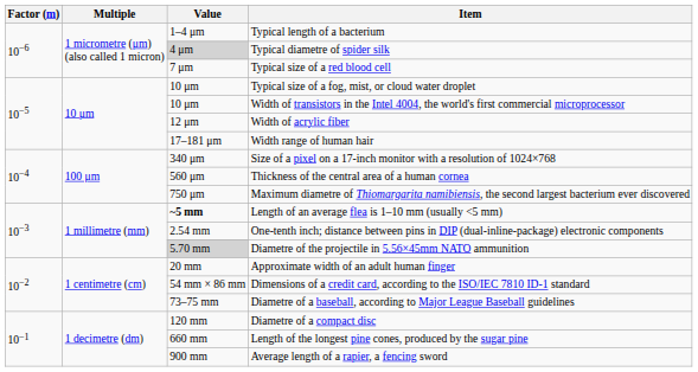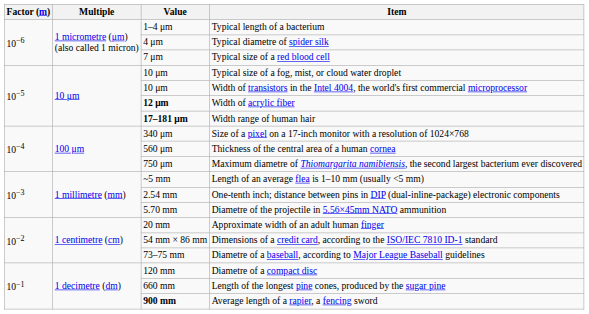 <table class="wikitable">
 <tr>
 <th>Factor (<a href='#'>m</a>)</th>
 <th>Multiple</th>
 <th>Value</th>
 <th>Item</th>
 </tr>
 <tr>
 <td rowspan=3>10<sup>−6</sup></td>
 <td rowspan=3><a href='#'>1 micrometre</a> (<a href='#'>μm</a>)<br>(also called 1 micron)</td>
 <td>1–4 μm</td>
 <td>Typical length of a bacterium</td>
 </tr>
 <tr>
-<td style="background: lightgrey;">4 μm</td>
+<td>4 μm</td>
 <td>Typical diametre of <a href='#'>spider silk</a></td>
 </tr>
 <tr>
 <td>7 μm</td>
 <td>Typical size of a <a href='#'>red blood cell</a></td>
 </tr>
 <tr>
 <td rowspan=4>10<sup>−5</sup></td>
 <td rowspan=4><a href='#'>10 μm</a></td>
 <td>10 μm</td>
 <td>Typical size of a fog, mist, or cloud water droplet</td>
 </tr>
 <tr>
 <td>10 μm</td>
 <td>Width of <a href='#'>transistors</a> in the <a href='#'>Intel 4004</a>, the world's first commercial <a href='#'>microprocessor</a></td>
 </tr>
 <tr>
-<td>12 μm</td>
+<td><strong>12 μm</strong></td>
 <td>Width of <a href='#'>acrylic fiber</a></td>
 </tr>
 <tr>
-<td>17–181 μm</td>
+<td><strong>17–181 μm</strong></td>
 <td>Width range of human hair</td>
 </tr>
 <tr>
 <td rowspan=3>10<sup>−4</sup></td>
 <td rowspan=3><a href='#'>100 μm</a></td>
 <td>340 μm</td>
 <td>Size of a <a href='#'>pixel</a> on a 17-inch monitor with a resolution of 1024×768</td>
 </tr>
 <tr>
 <td>560 μm</td>
 <td>Thickness of the central area of a human <a href='#'>cornea</a></td>
 </tr>
 <tr>
 <td>750 μm</td>
 <td>Maximum diametre of <em><a href='#'>Thiomargarita namibiensis</a></em>, the second largest bacterium ever discovered</td>
 </tr>
 <tr>
 <td rowspan=3>10<sup>−3</sup></td>
 <td rowspan=3><a href='#'>1 millimetre</a> (<a href='#'>mm</a>)</td>
-<td><strong>~5 mm</strong></td>
+<td>~5 mm</td>
 <td>Length of an average <a href='#'>flea</a> is 1–10 mm (usually <5 mm)</td>
 </tr>
 <tr>
 <td>2.54 mm</td>
 <td>One-tenth inch; distance between pins in <a href='#'>DIP</a> (dual-inline-package) electronic components</td>
 </tr>
 <tr>
-<td style="background: lightgrey;">5.70 mm</td>
+<td>5.70 mm</td>
 <td>Diametre of the projectile in <a href='#'>5.56×45mm NATO</a> ammunition</td>
 </tr>
 <tr>
 <td rowspan=3>10<sup>−2</sup></td>
 <td rowspan=3><a href='#'>1 centimetre</a> (<a href='#'>cm</a>)</td>
 <td>20 mm</td>
 <td>Approximate width of an adult human <a href='#'>finger</a></td>
 </tr>
 <tr>
 <td>54 mm × 86 mm</td>
 <td>Dimensions of a <a href='#'>credit card</a>, according to the <a href='#'>ISO/IEC 7810 ID-1</a> standard</td>
 </tr>
 <tr>
 <td>73–75 mm</td>
 <td>Diametre of a <a href='#'>baseball</a>, according to <a href='#'>Major League Baseball</a> guidelines</td>
 </tr>
 <tr>
 <td rowspan=3>10<sup>−1</sup></td>
 <td rowspan=3><a href='#'>1 decimetre</a> (<a href='#'>dm</a>)</td>
 <td>120 mm</td>
 <td>Diametre of a <a href='#'>compact disc</a></td>
 </tr>
 <tr>
 <td>660 mm</td>
 <td>Length of the longest <a href='#'>pine</a> cones, produced by the <a href='#'>sugar pine</a></td>
 </tr>
 <tr>
-<td>900 mm</td>
+<td><strong>900 mm</strong></td>
 <td>Average length of a <a href='#'>rapier</a>, a <a href='#'>fencing</a> sword</td>
 </tr>
 </table>
